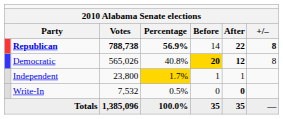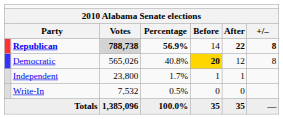 <table class="wikitable" style="font-size:95%;">
 <tr>
 <td colspan="15" style="text-align:center;"></td>
 </tr>
 <tr>
 <th colspan="9">2010 Alabama Senate elections</th>
 </tr>
 <tr>
 <th colspan=2 style="width: 10em">Party</th>
 <th style="width: 4em">Votes</th>
 <th style="width: 5em">Percentage</th>
 <th style="width: 3em">Before</th>
 <th style="width: 1em">After</th>
 <th style="width: 3em">+/–</th>
 </tr>
 <tr>
 <th style="background:#f33; width:3px;"></th>
 <td style="width: 130px"><strong><a href='#'>Republican</a></strong></td>
-<td style="text-align:right;"><strong>788,738</strong></td>
+<td style="background: lightgrey; text-align:right;"><strong>788,738</strong></td>
 <td style="text-align:right;"><strong>56.9%</strong></td>
 <td style="text-align:right;">14</td>
 <td style="text-align:right;"><strong>22</strong></td>
 <td style="text-align:right;"><strong> 8</strong></td>
 </tr>
 <tr>
 <th style="background:#33f; width:3px;"></th>
 <td style="width: 130px"><a href='#'>Democratic</a></td>
 <td style="text-align:right;">565,026</td>
 <td style="text-align:right;">40.8%</td>
 <td style="background: gold; text-align:right;"><strong>20</strong></td>
-<td style="text-align:right;"><strong>12</strong></td>
+<td style="text-align:right;">12</td>
 <td style="text-align:right;"> 8</td>
 </tr>
 <tr>
 <th style="background:#ddd; width:3px;"></th>
 <td style="width: 130px"><a href='#'>Independent</a></td>
 <td style="text-align:right;">23,800</td>
-<td style="background: gold; text-align:right;">1.7%</td>
+<td style="text-align:right;">1.7%</td>
 <td style="text-align:right;">1</td>
 <td style="text-align:right;">1</td>
 <td style="text-align:right;"></td>
 </tr>
 <tr>
 <th style="background:#ddd; width:3px;"></th>
 <td style="width: 130px"><a href='#'>Write-In</a></td>
 <td style="text-align:right;">7,532</td>
 <td style="text-align:right;">0.5%</td>
 <td style="text-align:right;">0</td>
-<td style="text-align:right;"><strong>0</strong></td>
+<td style="text-align:right;">0</td>
 <td style="text-align:right;"></td>
 </tr>
 <tr style="background:#eee; text-align:right;">
 <td colspan="2"><strong>Totals</strong></td>
 <td><strong>1,385,096</strong></td>
 <td><strong>100.0%</strong></td>
 <td><strong>35</strong></td>
 <td><strong>35</strong></td>
 <td><strong>—</strong></td>
 </tr>
 </table>
